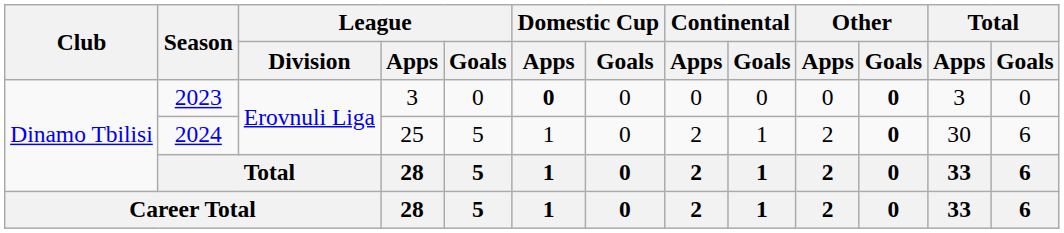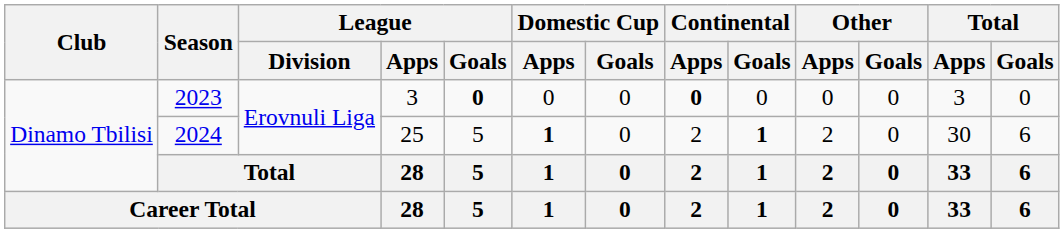 <table class=wikitable style=text-align:center>
 <tr>
 <th rowspan=2>Club</th>
 <th rowspan=2>Season</th>
 <th colspan=3>League</th>
 <th colspan=2>Domestic Cup</th>
 <th colspan=2>Continental</th>
 <th colspan=2>Other</th>
 <th colspan=2>Total</th>
 </tr>
 <tr>
 <th>Division</th>
 <th>Apps</th>
 <th>Goals</th>
 <th>Apps</th>
 <th>Goals</th>
 <th>Apps</th>
 <th>Goals</th>
 <th>Apps</th>
 <th>Goals</th>
 <th>Apps</th>
 <th>Goals</th>
 </tr>
 <tr>
 <td rowspan=3><a href='#'>Dinamo Tbilisi</a></td>
 <td><a href='#'>2023</a></td>
 <td rowspan=2><a href='#'>Erovnuli Liga</a></td>
 <td>3</td>
+<td><strong>0</strong></td>
+<td>0</td>
 <td>0</td>
 <td><strong>0</strong></td>
 <td>0</td>
 <td>0</td>
 <td>0</td>
-<td>0</td>
-<td><strong>0</strong></td>
 <td>3</td>
 <td>0</td>
 </tr>
 <tr>
 <td><a href='#'>2024</a></td>
 <td>25</td>
 <td>5</td>
-<td>1</td>
+<td><strong>1</strong></td>
 <td>0</td>
 <td>2</td>
-<td>1</td>
+<td><strong>1</strong></td>
 <td>2</td>
-<td><strong>0</strong></td>
+<td>0</td>
 <td>30</td>
 <td>6</td>
 </tr>
 <tr>
 <th colspan="2">Total</th>
 <th>28</th>
 <th>5</th>
 <th>1</th>
 <th>0</th>
 <th>2</th>
 <th>1</th>
 <th>2</th>
 <th>0</th>
 <th>33</th>
 <th>6</th>
 </tr>
 <tr>
 <th colspan="3">Career Total</th>
 <th>28</th>
 <th>5</th>
 <th>1</th>
 <th>0</th>
 <th>2</th>
 <th>1</th>
 <th>2</th>
 <th>0</th>
 <th>33</th>
 <th>6</th>
 </tr>
 </table>
